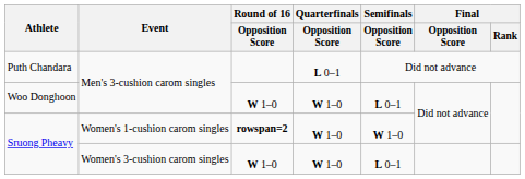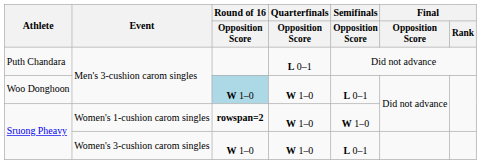 <table class="wikitable" style="font-size:90%">
 <tr>
 <th rowspan=2>Athlete</th>
 <th rowspan=2>Event</th>
 <th>Round of 16</th>
 <th>Quarterfinals</th>
 <th>Semifinals</th>
 <th colspan=2>Final</th>
 </tr>
 <tr style="font-size:95%">
 <th>Opposition<br>Score</th>
 <th>Opposition<br>Score</th>
 <th>Opposition<br>Score</th>
 <th>Opposition<br>Score</th>
 <th>Rank</th>
 </tr>
 <tr align=center>
 <td align=left>Puth Chandara</td>
 <td rowspan=2 align=left>Men's 3-cushion carom singles</td>
 <td></td>
 <td><br><strong>L</strong> 0–1</td>
 <td colspan=3>Did not advance</td>
 </tr>
 <tr align=center>
 <td align=left>Woo Donghoon</td>
-<td><br><strong>W</strong> 1–0</td>
+<td style="background: lightblue;"><br><strong>W</strong> 1–0</td>
 <td><br><strong>W</strong> 1–0</td>
 <td><br><strong>L</strong> 0–1</td>
 <td rowspan=2>Did not advance</td>
 <td rowspan=2></td>
 </tr>
 <tr align=center>
 <td rowspan=2 align=left><a href='#'>Sruong Pheavy</a></td>
 <td align=left>Women's 1-cushion carom singles</td>
 <td><strong>rowspan=2 </strong></td>
 <td><br><strong>W</strong> 1–0</td>
 <td><br><strong>W</strong> 1–0</td>
 </tr>
 <tr align=center>
 <td align=left>Women's 3-cushion carom singles</td>
 <td><br><strong>W</strong> 1–0</td>
 <td><br><strong>W</strong> 1–0</td>
 <td><br><strong>L</strong> 0–1</td>
 <td></td>
 </tr>
 </table>
